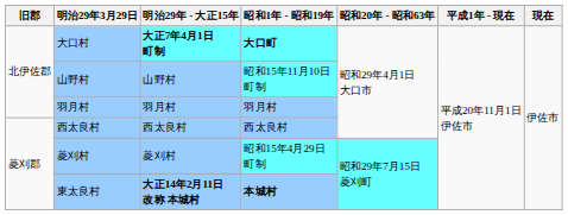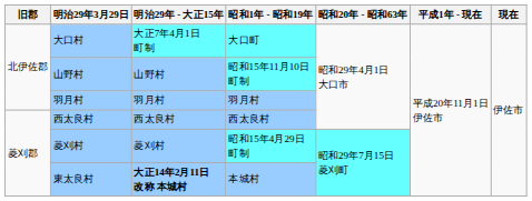 <table class="wikitable" style="font-size:x-small">
 <tr>
 <th>旧郡</th>
 <th>明治29年3月29日</th>
 <th>明治29年 - 大正15年</th>
 <th>昭和1年 - 昭和19年</th>
 <th>昭和20年 - 昭和63年</th>
 <th>平成1年 - 現在</th>
 <th>現在</th>
 </tr>
 <tr>
 <td rowspan="3">北伊佐郡</td>
 <td style="background-color:#9cf;">大口村</td>
-<td style="background-color:#6ff;"><strong>大正7年4月1日<br>町制</strong></td>
-<td style="background-color:#6ff;"><strong>大口町</strong></td>
+<td style="background-color:#6ff;">大正7年4月1日<br>町制</td>
+<td style="background-color:#6ff;">大口町</td>
 <td rowspan="4">昭和29年4月1日<br>大口市</td>
 <td rowspan="6">平成20年11月1日<br>伊佐市</td>
 <td rowspan="6">伊佐市</td>
 </tr>
 <tr>
 <td style="background-color:#9cf;">山野村</td>
 <td style="background-color:#9cf;">山野村</td>
 <td style="background-color:#6ff;">昭和15年11月10日<br>町制</td>
 </tr>
 <tr>
 <td style="background-color:#9cf;">羽月村</td>
 <td style="background-color:#9cf;">羽月村</td>
 <td style="background-color:#9cf;">羽月村</td>
 </tr>
 <tr>
 <td rowspan="3">菱刈郡</td>
 <td style="background-color:#9cf;">西太良村</td>
 <td style="background-color:#9cf;">西太良村</td>
 <td style="background-color:#9cf;">西太良村</td>
 </tr>
 <tr>
 <td style="background-color:#9cf;">菱刈村</td>
 <td style="background-color:#9cf;">菱刈村</td>
 <td style="background-color:#6ff;">昭和15年4月29日<br>町制</td>
 <td style="background-color:#6ff;" rowspan="2">昭和29年7月15日<br>菱刈町</td>
 </tr>
 <tr>
 <td style="background-color:#9cf;">東太良村</td>
 <td style="background-color:#9cf;"><strong>大正14年2月11日<br>改称 本城村</strong></td>
-<td style="background-color:#9cf;"><strong>本城村</strong></td>
+<td style="background-color:#9cf;">本城村</td>
 </tr>
 </table>
